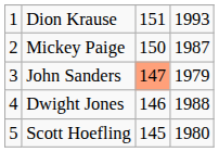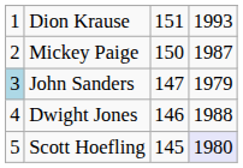 <table class="wikitable">
 <tr>
 </tr>
 <tr>
 <td>1</td>
 <td>Dion Krause</td>
 <td>151</td>
 <td>1993</td>
 </tr>
 <tr>
 <td>2</td>
 <td>Mickey Paige</td>
 <td>150</td>
 <td>1987</td>
 </tr>
 <tr>
-<td>3</td>
+<td style="background: lightblue;">3</td>
 <td>John Sanders</td>
-<td style="background: lightsalmon;">147</td>
+<td>147</td>
 <td>1979</td>
 </tr>
 <tr>
 <td>4</td>
 <td>Dwight Jones</td>
 <td>146</td>
 <td>1988</td>
 </tr>
 <tr>
 <td>5</td>
 <td>Scott Hoefling</td>
 <td>145</td>
-<td>1980</td>
+<td style="background: lavender;">1980</td>
 </tr>
 </table>
